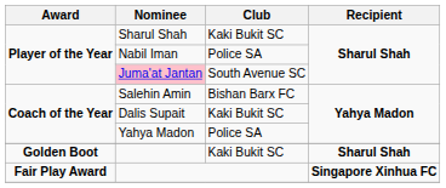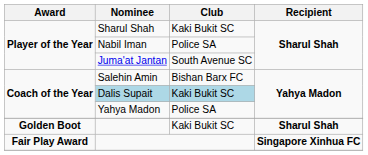 <table class="wikitable" style="font-size:100%">
 <tr>
 <th>Award</th>
 <th>Nominee</th>
 <th>Club</th>
 <th>Recipient</th>
 </tr>
 <tr>
 <td align="center" rowspan="3"><strong>Player of the Year</strong></td>
 <td>Sharul Shah</td>
 <td>Kaki Bukit SC</td>
 <td align="center" rowspan="3"><strong>Sharul Shah</strong></td>
 </tr>
 <tr>
 <td>Nabil Iman</td>
 <td>Police SA</td>
 </tr>
 <tr>
-<td style="background: pink;"><a href='#'>Juma'at Jantan</a></td>
+<td><a href='#'>Juma'at Jantan</a></td>
 <td>South Avenue SC</td>
 </tr>
 <tr>
 <td align="center" rowspan="3"><strong>Coach of the Year</strong></td>
 <td>Salehin Amin</td>
 <td>Bishan Barx FC</td>
 <td align="center" rowspan="3"><strong>Yahya Madon</strong></td>
 </tr>
 <tr>
-<td>Dalis Supait</td>
-<td>Kaki Bukit SC</td>
+<td style="background: lightblue;">Dalis Supait</td>
+<td style="background: lightblue;">Kaki Bukit SC</td>
 </tr>
 <tr>
 <td>Yahya Madon</td>
 <td>Police SA</td>
 </tr>
 <tr>
 </tr>
 <tr>
 <td align="center"><strong>Golden Boot</strong></td>
 <td></td>
 <td>Kaki Bukit SC</td>
 <td align="center"><strong>Sharul Shah</strong></td>
 </tr>
 <tr>
 <td align="center"><strong>Fair Play Award</strong></td>
 <td colspan="2"></td>
 <td align="center"><strong>Singapore Xinhua FC</strong></td>
 </tr>
 <tr>
 </tr>
 </table>
